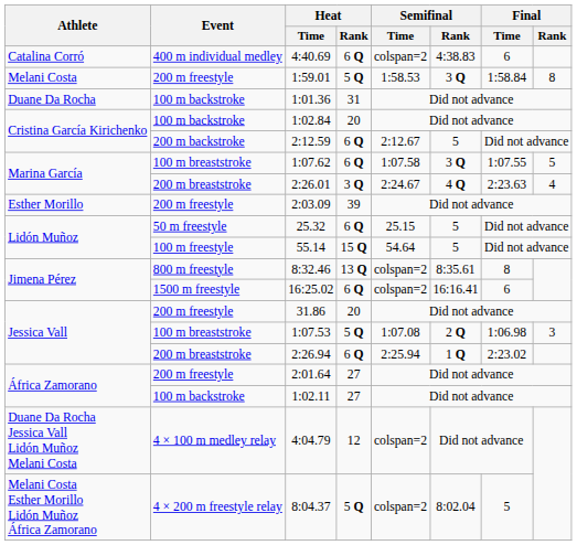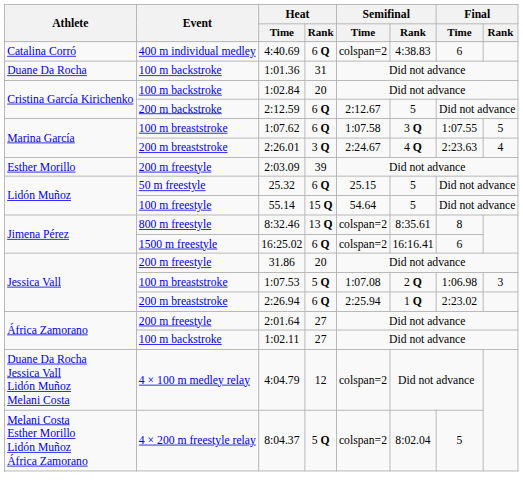 <table class=wikitable style="font-size:90%">
 <tr>
 <th rowspan="2">Athlete</th>
 <th rowspan="2">Event</th>
 <th colspan="2">Heat</th>
 <th colspan="2">Semifinal</th>
 <th colspan="2">Final</th>
 </tr>
 <tr style="font-size:95%">
 <th>Time</th>
 <th>Rank</th>
 <th>Time</th>
 <th>Rank</th>
 <th>Time</th>
 <th>Rank</th>
 </tr>
 <tr align=center>
 <td align=left><a href='#'>Catalina Corró</a></td>
 <td align=left><a href='#'>400 m individual medley</a></td>
 <td>4:40.69</td>
 <td>6 <strong>Q</strong></td>
 <td>colspan=2 </td>
 <td>4:38.83</td>
 <td>6</td>
-</tr>
-<tr align=center>
-<td align=left><a href='#'>Melani Costa</a></td>
-<td align=left><a href='#'>200 m freestyle</a></td>
-<td>1:59.01</td>
-<td>5 <strong>Q</strong></td>
-<td>1:58.53</td>
-<td>3 <strong>Q</strong></td>
-<td>1:58.84</td>
-<td>8</td>
 </tr>
 <tr align=center>
 <td align=left><a href='#'>Duane Da Rocha</a></td>
 <td align=left><a href='#'>100 m backstroke</a></td>
 <td>1:01.36</td>
 <td>31</td>
 <td colspan=4>Did not advance</td>
 </tr>
 <tr align=center>
 <td align=left rowspan=2><a href='#'>Cristina García Kirichenko</a></td>
 <td align=left><a href='#'>100 m backstroke</a></td>
 <td>1:02.84</td>
 <td>20</td>
 <td colspan=4>Did not advance</td>
 </tr>
 <tr align=center>
 <td align=left><a href='#'>200 m backstroke</a></td>
 <td>2:12.59</td>
 <td>6 <strong>Q</strong></td>
 <td>2:12.67</td>
 <td>5</td>
 <td colspan=2>Did not advance</td>
 </tr>
 <tr align=center>
 <td align=left rowspan=2><a href='#'>Marina García</a></td>
 <td align=left><a href='#'>100 m breaststroke</a></td>
 <td>1:07.62</td>
 <td>6 <strong>Q</strong></td>
 <td>1:07.58</td>
 <td>3 <strong>Q</strong></td>
 <td>1:07.55</td>
 <td>5</td>
 </tr>
 <tr align=center>
 <td align=left><a href='#'>200 m breaststroke</a></td>
 <td>2:26.01</td>
 <td>3 <strong>Q</strong></td>
 <td>2:24.67</td>
 <td>4 <strong>Q</strong></td>
 <td>2:23.63</td>
 <td>4</td>
 </tr>
 <tr align=center>
 <td align=left><a href='#'>Esther Morillo</a></td>
 <td align=left><a href='#'>200 m freestyle</a></td>
 <td>2:03.09</td>
 <td>39</td>
 <td colspan=4>Did not advance</td>
 </tr>
 <tr align=center>
 <td align=left rowspan=2><a href='#'>Lidón Muñoz</a></td>
 <td align=left><a href='#'>50 m freestyle</a></td>
 <td>25.32</td>
 <td>6 <strong>Q</strong></td>
 <td>25.15</td>
 <td>5</td>
 <td colspan=2>Did not advance</td>
 </tr>
 <tr align=center>
 <td align=left><a href='#'>100 m freestyle</a></td>
 <td>55.14</td>
 <td>15 <strong>Q</strong></td>
 <td>54.64</td>
 <td>5</td>
 <td colspan=2>Did not advance</td>
 </tr>
 <tr align=center>
 <td align=left rowspan=2><a href='#'>Jimena Pérez</a></td>
 <td align=left><a href='#'>800 m freestyle</a></td>
 <td>8:32.46</td>
 <td>13 <strong>Q</strong></td>
 <td>colspan=2 </td>
 <td>8:35.61</td>
 <td>8</td>
 </tr>
 <tr align=center>
 <td align=left><a href='#'>1500 m freestyle</a></td>
 <td>16:25.02</td>
 <td>6 <strong>Q</strong></td>
 <td>colspan=2 </td>
 <td>16:16.41</td>
 <td>6</td>
 </tr>
 <tr align=center>
 <td align=left rowspan=3><a href='#'>Jessica Vall</a></td>
 <td align=left><a href='#'>200 m freestyle</a></td>
 <td>31.86</td>
 <td>20</td>
 <td colspan=4>Did not advance</td>
 </tr>
 <tr align=center>
 <td align=left><a href='#'>100 m breaststroke</a></td>
 <td>1:07.53</td>
 <td>5 <strong>Q</strong></td>
 <td>1:07.08</td>
 <td>2 <strong>Q</strong></td>
 <td>1:06.98</td>
 <td>3</td>
 </tr>
 <tr align=center>
 <td align=left><a href='#'>200 m breaststroke</a></td>
 <td>2:26.94</td>
 <td>6 <strong>Q</strong></td>
 <td>2:25.94</td>
 <td>1 <strong>Q</strong></td>
 <td>2:23.02</td>
 <td></td>
 </tr>
 <tr align=center>
 <td align=left rowspan=2><a href='#'>África Zamorano</a></td>
 <td align=left><a href='#'>200 m freestyle</a></td>
 <td>2:01.64</td>
 <td>27</td>
 <td colspan=4>Did not advance</td>
 </tr>
 <tr align=center>
 <td align=left><a href='#'>100 m backstroke</a></td>
 <td>1:02.11</td>
 <td>27</td>
 <td colspan=4>Did not advance</td>
 </tr>
 <tr align=center>
 <td align=left><a href='#'>Duane Da Rocha</a><br><a href='#'>Jessica Vall</a><br><a href='#'>Lidón Muñoz</a><br><a href='#'>Melani Costa</a></td>
 <td align=left><a href='#'>4 × 100 m medley relay</a></td>
 <td>4:04.79</td>
 <td>12</td>
 <td>colspan=2 </td>
 <td colspan=2>Did not advance</td>
 </tr>
 <tr align=center>
 <td align=left><a href='#'>Melani Costa</a><br><a href='#'>Esther Morillo</a><br><a href='#'>Lidón Muñoz</a><br><a href='#'>África Zamorano</a></td>
 <td align=left><a href='#'>4 × 200 m freestyle relay</a></td>
 <td>8:04.37</td>
 <td>5 <strong>Q</strong></td>
 <td>colspan=2 </td>
 <td>8:02.04</td>
 <td>5</td>
 </tr>
 </table>
